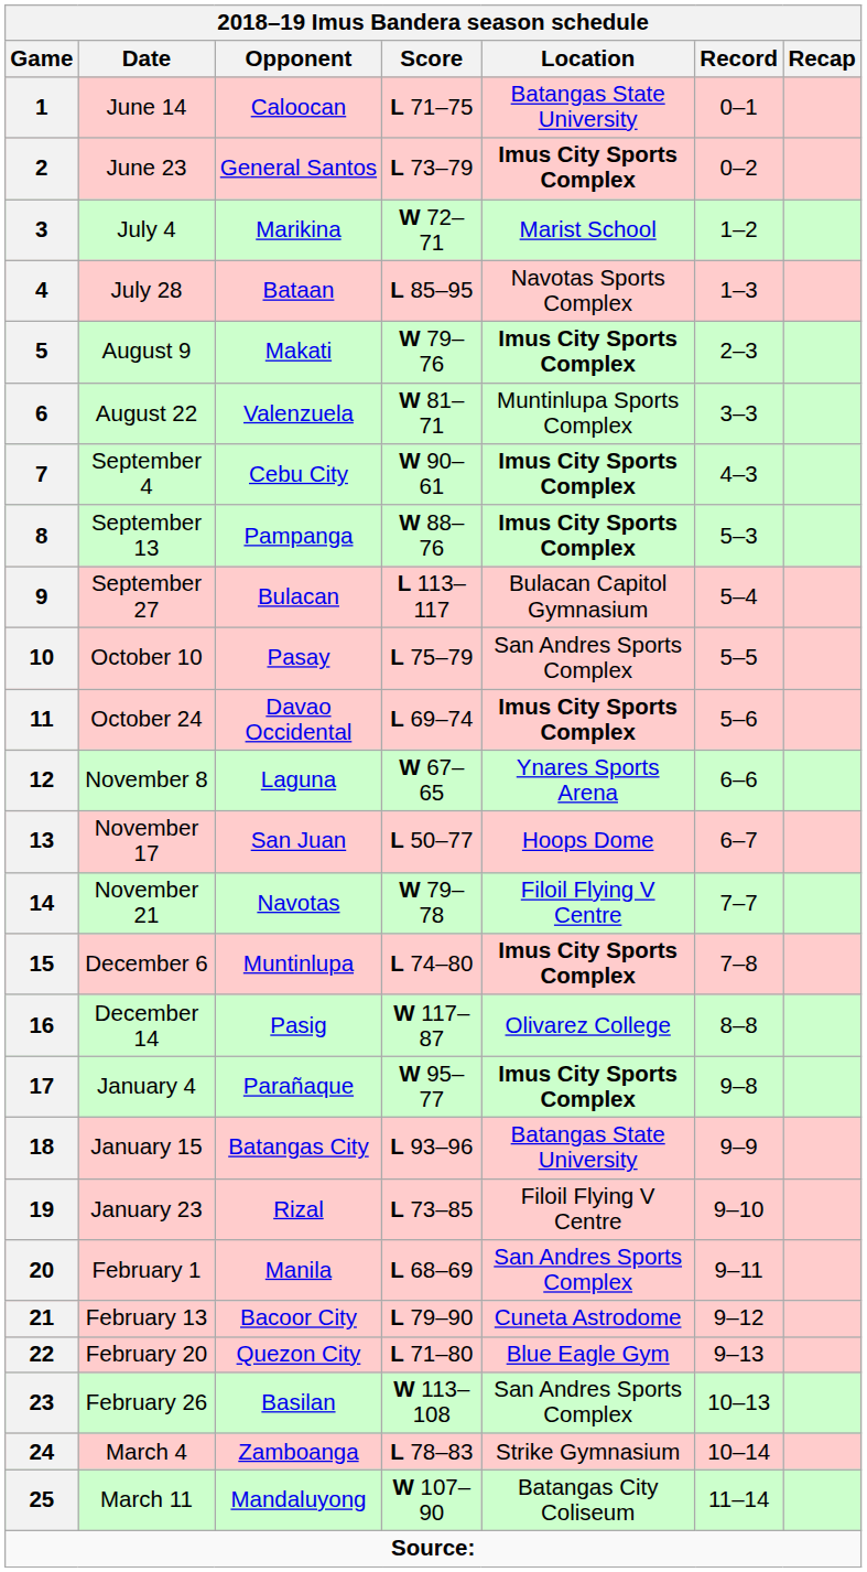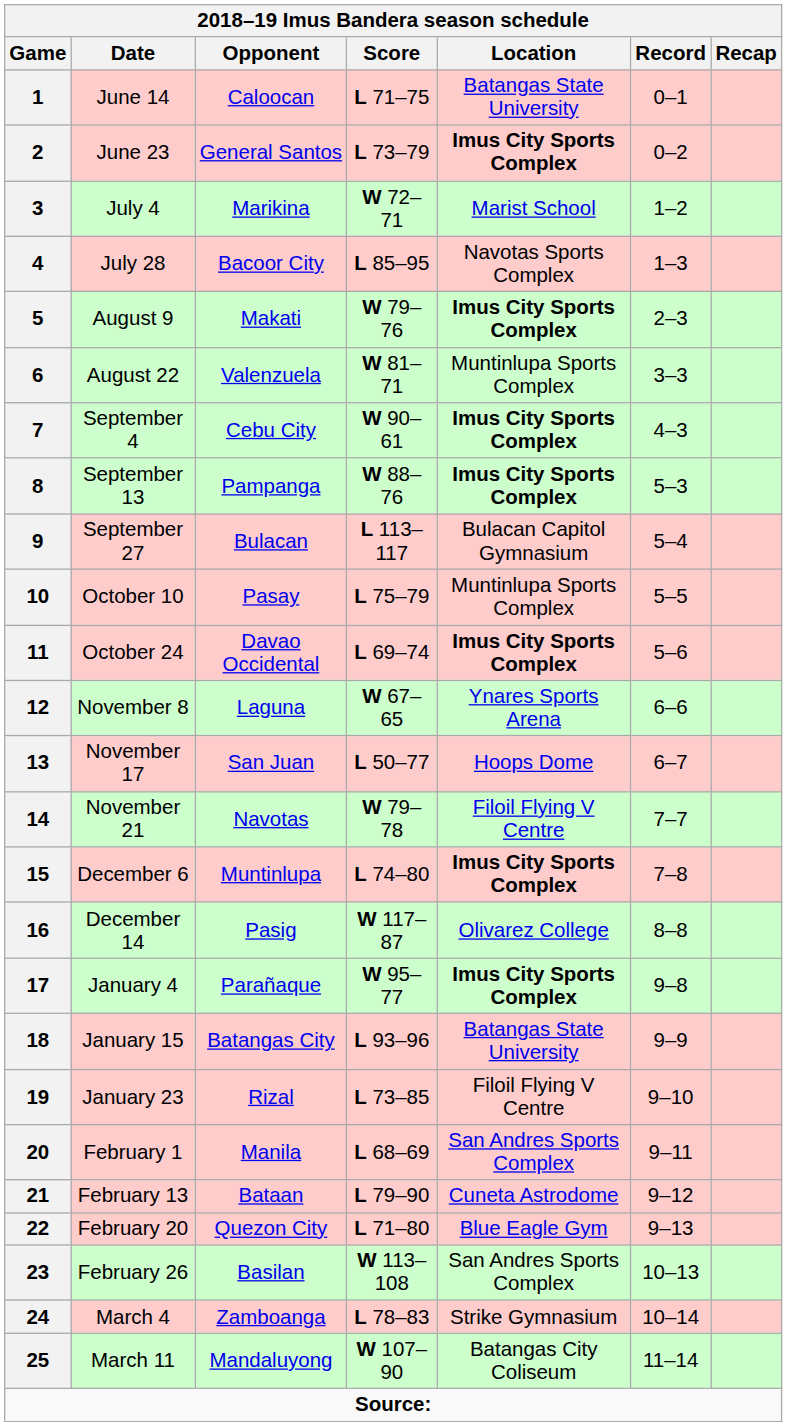 <table class="wikitable" style="text-align:center">
 <tr>
 <th colspan=7>2018–19 Imus Bandera season schedule</th>
 </tr>
 <tr>
 <th>Game</th>
 <th>Date</th>
 <th>Opponent</th>
 <th>Score</th>
 <th>Location</th>
 <th>Record</th>
 <th>Recap<br></th>
 </tr>
 <tr style="background:#fcc">
 <th>1</th>
 <td>June 14</td>
 <td><a href='#'>Caloocan</a></td>
 <td><strong>L</strong> 71–75</td>
 <td><a href='#'>Batangas State University</a></td>
 <td>0–1</td>
 <td></td>
 </tr>
 <tr style="background:#fcc">
 <th>2</th>
 <td>June 23</td>
 <td><a href='#'>General Santos</a></td>
 <td><strong>L</strong> 73–79</td>
 <td><strong>Imus City Sports Complex</strong></td>
 <td>0–2</td>
 <td></td>
 </tr>
 <tr style="background:#cfc">
 <th>3</th>
 <td>July 4</td>
 <td><a href='#'>Marikina</a></td>
 <td><strong>W</strong> 72–71</td>
 <td><a href='#'>Marist School</a></td>
 <td>1–2</td>
 <td></td>
 </tr>
 <tr style="background:#fcc">
 <th>4</th>
 <td>July 28</td>
-<td><a href='#'>Bataan</a></td>
+<td><a href='#'>Bacoor City</a></td>
 <td><strong>L</strong> 85–95</td>
 <td>Navotas Sports Complex</td>
 <td>1–3</td>
 <td></td>
 </tr>
 <tr style="background:#cfc">
 <th>5</th>
 <td>August 9</td>
 <td><a href='#'>Makati</a></td>
 <td><strong>W</strong> 79–76</td>
 <td><strong>Imus City Sports Complex</strong></td>
 <td>2–3</td>
 <td></td>
 </tr>
 <tr style="background:#cfc">
 <th>6</th>
 <td>August 22</td>
 <td><a href='#'>Valenzuela</a></td>
 <td><strong>W</strong> 81–71</td>
 <td>Muntinlupa Sports Complex</td>
 <td>3–3</td>
 <td></td>
 </tr>
 <tr style="background:#cfc">
 <th>7</th>
 <td>September 4</td>
 <td><a href='#'>Cebu City</a></td>
 <td><strong>W</strong> 90–61</td>
 <td><strong>Imus City Sports Complex</strong></td>
 <td>4–3</td>
 <td></td>
 </tr>
 <tr style="background:#cfc">
 <th>8</th>
 <td>September 13</td>
 <td><a href='#'>Pampanga</a></td>
 <td><strong>W</strong> 88–76</td>
 <td><strong>Imus City Sports Complex</strong></td>
 <td>5–3</td>
 <td></td>
 </tr>
 <tr style="background:#fcc">
 <th>9</th>
 <td>September 27</td>
 <td><a href='#'>Bulacan</a></td>
 <td><strong>L</strong> 113–117 </td>
 <td>Bulacan Capitol Gymnasium</td>
 <td>5–4</td>
 <td><br></td>
 </tr>
 <tr style="background:#fcc">
 <th>10</th>
 <td>October 10</td>
 <td><a href='#'>Pasay</a></td>
 <td><strong>L</strong> 75–79</td>
-<td>San Andres Sports Complex</td>
+<td>Muntinlupa Sports Complex</td>
 <td>5–5</td>
 <td></td>
 </tr>
 <tr style="background:#fcc">
 <th>11</th>
 <td>October 24</td>
 <td><a href='#'>Davao Occidental</a></td>
 <td><strong>L</strong> 69–74</td>
 <td><strong>Imus City Sports Complex</strong></td>
 <td>5–6</td>
 <td></td>
 </tr>
 <tr style="background:#cfc">
 <th>12</th>
 <td>November 8</td>
 <td><a href='#'>Laguna</a></td>
 <td><strong>W</strong> 67–65</td>
 <td><a href='#'>Ynares Sports Arena</a></td>
 <td>6–6</td>
 <td></td>
 </tr>
 <tr style="background:#fcc">
 <th>13</th>
 <td>November 17</td>
 <td><a href='#'>San Juan</a></td>
 <td><strong>L</strong> 50–77</td>
 <td><a href='#'>Hoops Dome</a></td>
 <td>6–7</td>
 <td></td>
 </tr>
 <tr style="background:#cfc">
 <th>14</th>
 <td>November 21</td>
 <td><a href='#'>Navotas</a></td>
 <td><strong>W</strong> 79–78</td>
 <td><a href='#'>Filoil Flying V Centre</a></td>
 <td>7–7</td>
 <td></td>
 </tr>
 <tr style="background:#fcc">
 <th>15</th>
 <td>December 6</td>
 <td><a href='#'>Muntinlupa</a></td>
 <td><strong>L</strong> 74–80</td>
 <td><strong>Imus City Sports Complex</strong></td>
 <td>7–8</td>
 <td></td>
 </tr>
 <tr style="background:#cfc">
 <th>16</th>
 <td>December 14</td>
 <td><a href='#'>Pasig</a></td>
 <td><strong>W</strong> 117–87</td>
 <td><a href='#'>Olivarez College</a></td>
 <td>8–8</td>
 <td><br></td>
 </tr>
 <tr style="background:#cfc">
 <th>17</th>
 <td>January 4</td>
 <td><a href='#'>Parañaque</a></td>
 <td><strong>W</strong> 95–77</td>
 <td><strong>Imus City Sports Complex</strong></td>
 <td>9–8</td>
 <td></td>
 </tr>
 <tr style="background:#fcc">
 <th>18</th>
 <td>January 15</td>
 <td><a href='#'>Batangas City</a></td>
 <td><strong>L</strong> 93–96</td>
 <td><a href='#'>Batangas State University</a></td>
 <td>9–9</td>
 <td></td>
 </tr>
 <tr style="background:#fcc">
 <th>19</th>
 <td>January 23</td>
 <td><a href='#'>Rizal</a></td>
 <td><strong>L</strong> 73–85</td>
 <td>Filoil Flying V Centre</td>
 <td>9–10</td>
 <td></td>
 </tr>
 <tr style="background:#fcc">
 <th>20</th>
 <td>February 1</td>
 <td><a href='#'>Manila</a></td>
 <td><strong>L</strong> 68–69</td>
 <td><a href='#'>San Andres Sports Complex</a></td>
 <td>9–11</td>
 <td></td>
 </tr>
 <tr style="background:#fcc">
 <th>21</th>
 <td>February 13</td>
-<td><a href='#'>Bacoor City</a></td>
+<td><a href='#'>Bataan</a></td>
 <td><strong>L</strong> 79–90</td>
 <td><a href='#'>Cuneta Astrodome</a></td>
 <td>9–12</td>
 <td></td>
 </tr>
 <tr style="background:#fcc">
 <th>22</th>
 <td>February 20</td>
 <td><a href='#'>Quezon City</a></td>
 <td><strong>L</strong> 71–80</td>
 <td><a href='#'>Blue Eagle Gym</a></td>
 <td>9–13</td>
 <td></td>
 </tr>
 <tr style="background:#cfc">
 <th>23</th>
 <td>February 26</td>
 <td><a href='#'>Basilan</a></td>
 <td><strong>W</strong> 113–108</td>
 <td>San Andres Sports Complex</td>
 <td>10–13</td>
 <td></td>
 </tr>
 <tr style="background:#fcc">
 <th>24</th>
 <td>March 4</td>
 <td><a href='#'>Zamboanga</a></td>
 <td><strong>L</strong> 78–83</td>
 <td>Strike Gymnasium</td>
 <td>10–14</td>
 <td></td>
 </tr>
 <tr style="background:#cfc">
 <th>25</th>
 <td>March 11</td>
 <td><a href='#'>Mandaluyong</a></td>
 <td><strong>W</strong> 107–90</td>
 <td>Batangas City Coliseum</td>
 <td>11–14</td>
 <td></td>
 </tr>
 <tr>
 <td colspan=7 align=center><strong>Source: </strong></td>
 </tr>
 </table>
